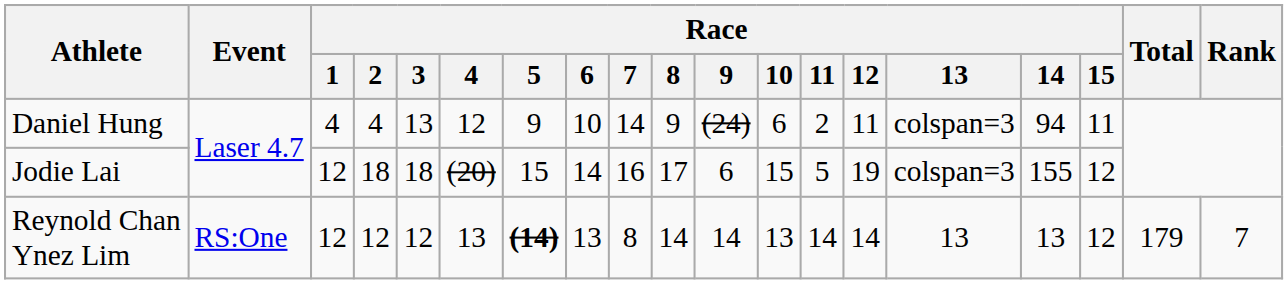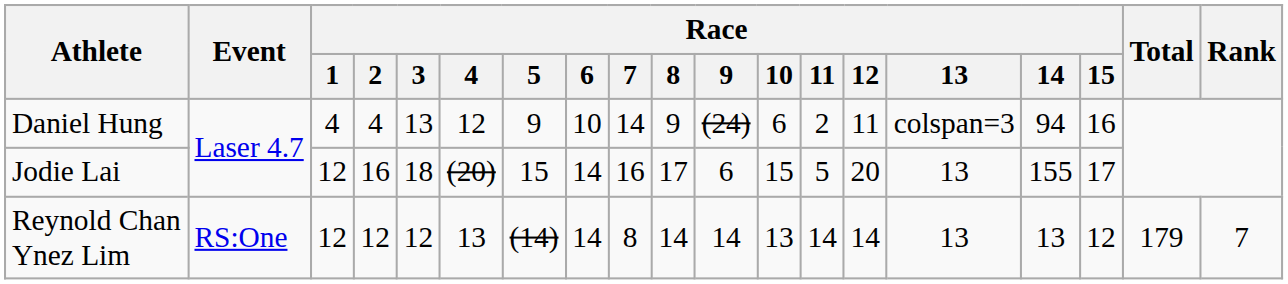 <table class=wikitable style=font-size:90%;text-align:center>
 <tr>
 <th rowspan="2">Athlete</th>
 <th rowspan="2">Event</th>
 <th colspan=15>Race</th>
 <th rowspan=2>Total</th>
 <th rowspan=2>Rank</th>
 </tr>
 <tr style="font-size:95%">
 <th>1</th>
 <th>2</th>
 <th>3</th>
 <th>4</th>
 <th>5</th>
 <th>6</th>
 <th>7</th>
 <th>8</th>
 <th>9</th>
 <th>10</th>
 <th>11</th>
 <th>12</th>
 <th>13</th>
 <th>14</th>
 <th>15</th>
 </tr>
 <tr>
 <td align=left>Daniel Hung</td>
 <td align=left rowspan=2><a href='#'>Laser 4.7</a></td>
 <td>4</td>
 <td>4</td>
 <td>13</td>
 <td>12</td>
 <td>9</td>
 <td>10</td>
 <td>14</td>
 <td>9</td>
 <td><s>(24)</s><br></td>
 <td>6</td>
 <td>2</td>
 <td>11</td>
 <td>colspan=3 </td>
 <td>94</td>
-<td>11</td>
+<td>16</td>
 </tr>
 <tr>
 <td align=left>Jodie Lai</td>
 <td>12</td>
-<td>18</td>
+<td>16</td>
 <td>18</td>
 <td><s>(20)</s></td>
 <td>15</td>
 <td>14</td>
 <td>16</td>
 <td>17</td>
 <td>6</td>
 <td>15</td>
 <td>5</td>
-<td>19</td>
-<td>colspan=3 </td>
+<td>20</td>
+<td>13</td>
 <td>155</td>
-<td>12</td>
+<td>17</td>
 </tr>
 <tr>
 <td align=left>Reynold Chan<br>Ynez Lim</td>
 <td align=left rowspan=2><a href='#'>RS:One</a></td>
 <td>12</td>
 <td>12</td>
 <td>12</td>
 <td>13</td>
-<td><strong><s>(14)</s></strong></td>
-<td>13</td>
+<td><s>(14)</s></td>
+<td>14</td>
 <td>8</td>
 <td>14</td>
 <td>14</td>
 <td>13</td>
 <td>14</td>
 <td>14</td>
 <td>13</td>
 <td>13</td>
 <td>12</td>
 <td>179</td>
 <td>7</td>
 </tr>
 </table>
